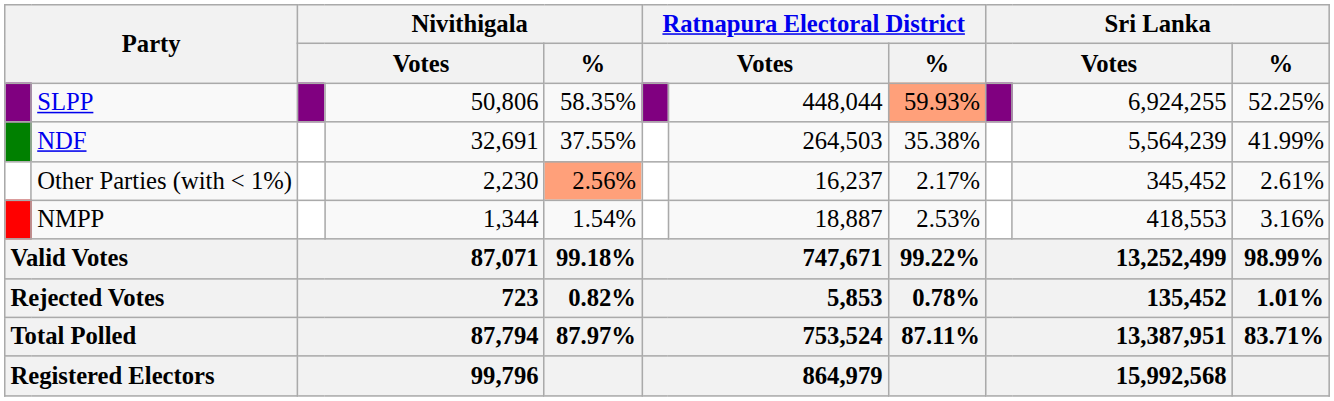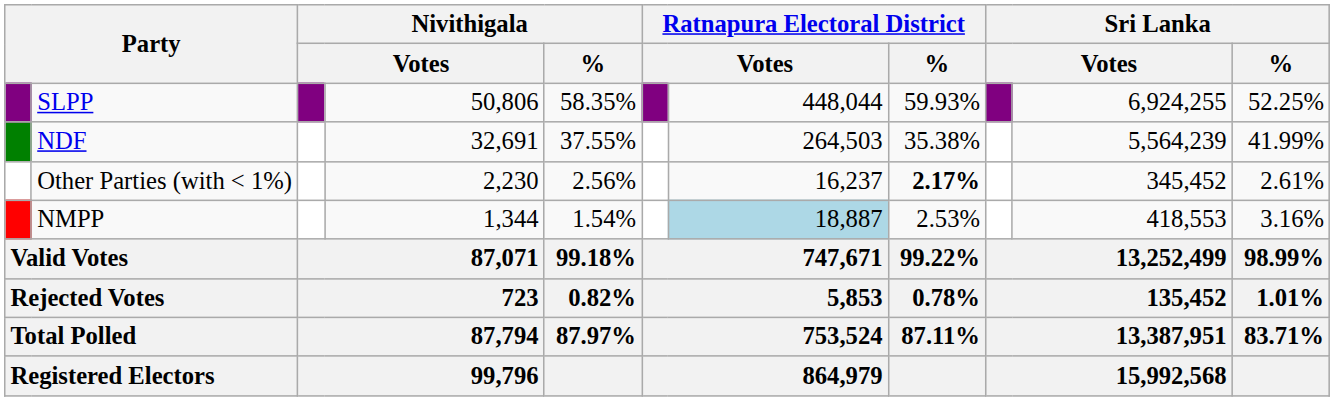 <table class="wikitable">
 <tr>
 <th colspan="2" width="144px"rowspan="2">Party</th>
 <th colspan="3" width="216px">Nivithigala</th>
 <th colspan="3" width="216px"><a href='#'>Ratnapura Electoral District</a></th>
 <th colspan="3" width="216px">Sri Lanka</th>
 </tr>
 <tr>
 <th colspan="2" width="144px">Votes</th>
 <th>%</th>
 <th colspan="2" width="144px">Votes</th>
 <th>%</th>
 <th colspan="2" width="144px">Votes</th>
 <th>%</th>
 </tr>
 <tr>
 <td style="background-color:purple;" width="10px"></td>
 <td style="text-align:left;"><a href='#'>SLPP</a></td>
 <td style="background-color:purple;" width="10px"></td>
 <td style="text-align:right;">50,806</td>
 <td style="text-align:right;">58.35%</td>
 <td style="background-color:purple;" width="10px"></td>
 <td style="text-align:right;">448,044</td>
-<td style="background: lightsalmon; text-align:right;">59.93%</td>
+<td style="text-align:right;">59.93%</td>
 <td style="background-color:purple;" width="10px"></td>
 <td style="text-align:right;">6,924,255</td>
 <td style="text-align:right;">52.25%</td>
 </tr>
 <tr>
 <td style="background-color:green;" width="10px"></td>
 <td style="text-align:left;"><a href='#'>NDF</a></td>
 <td style="background-color:white;" width="10px"></td>
 <td style="text-align:right;">32,691</td>
 <td style="text-align:right;">37.55%</td>
 <td style="background-color:white;" width="10px"></td>
 <td style="text-align:right;">264,503</td>
 <td style="text-align:right;">35.38%</td>
 <td style="background-color:white;" width="10px"></td>
 <td style="text-align:right;">5,564,239</td>
 <td style="text-align:right;">41.99%</td>
 </tr>
 <tr>
 <td style="background-color:white;" width="10px"></td>
 <td style="text-align:left;">Other Parties (with < 1%)</td>
 <td style="background-color:white;" width="10px"></td>
 <td style="text-align:right;">2,230</td>
-<td style="background: lightsalmon; text-align:right;">2.56%</td>
+<td style="text-align:right;">2.56%</td>
 <td style="background-color:white;" width="10px"></td>
 <td style="text-align:right;">16,237</td>
-<td style="text-align:right;">2.17%</td>
+<td style="text-align:right;"><strong>2.17%</strong></td>
 <td style="background-color:white;" width="10px"></td>
 <td style="text-align:right;">345,452</td>
 <td style="text-align:right;">2.61%</td>
 </tr>
 <tr>
 <td style="background-color:red;" width="10px"></td>
 <td style="text-align:left;">NMPP</td>
 <td style="background-color:white;" width="10px"></td>
 <td style="text-align:right;">1,344</td>
 <td style="text-align:right;">1.54%</td>
 <td style="background-color:white;" width="10px"></td>
-<td style="text-align:right;">18,887</td>
+<td style="background: lightblue; text-align:right;">18,887</td>
 <td style="text-align:right;">2.53%</td>
 <td style="background-color:white;" width="10px"></td>
 <td style="text-align:right;">418,553</td>
 <td style="text-align:right;">3.16%</td>
 </tr>
 <tr>
 <th colspan="2" width="144px"style="text-align:left;">Valid Votes</th>
 <th style="text-align:right;"colspan="2" width="144px">87,071</th>
 <th style="text-align:right;">99.18%</th>
 <th style="text-align:right;"colspan="2" width="144px">747,671</th>
 <th style="text-align:right;">99.22%</th>
 <th style="text-align:right;"colspan="2" width="144px">13,252,499</th>
 <th style="text-align:right;">98.99%</th>
 </tr>
 <tr>
 <th colspan="2" width="144px"style="text-align:left;">Rejected Votes</th>
 <th style="text-align:right;"colspan="2" width="144px">723</th>
 <th style="text-align:right;">0.82%</th>
 <th style="text-align:right;"colspan="2" width="144px">5,853</th>
 <th style="text-align:right;">0.78%</th>
 <th style="text-align:right;"colspan="2" width="144px">135,452</th>
 <th style="text-align:right;">1.01%</th>
 </tr>
 <tr>
 <th colspan="2" width="144px"style="text-align:left;">Total Polled</th>
 <th style="text-align:right;"colspan="2" width="144px">87,794</th>
 <th style="text-align:right;">87.97%</th>
 <th style="text-align:right;"colspan="2" width="144px">753,524</th>
 <th style="text-align:right;">87.11%</th>
 <th style="text-align:right;"colspan="2" width="144px">13,387,951</th>
 <th style="text-align:right;">83.71%</th>
 </tr>
 <tr>
 <th colspan="2" width="144px"style="text-align:left;">Registered Electors</th>
 <th style="text-align:right;"colspan="2" width="144px">99,796</th>
 <th></th>
 <th style="text-align:right;"colspan="2" width="144px">864,979</th>
 <th></th>
 <th style="text-align:right;"colspan="2" width="144px">15,992,568</th>
 <th></th>
 </tr>
 </table>
